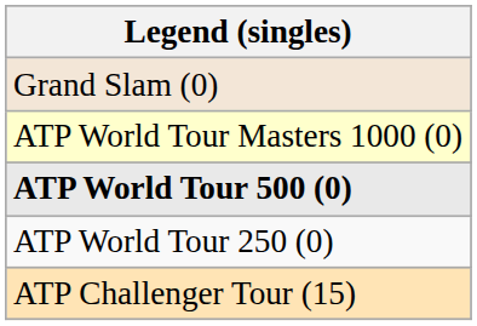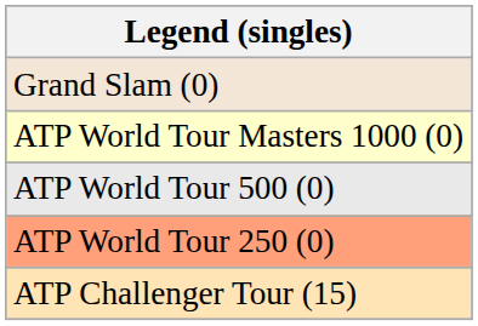 <table class="wikitable">
 <tr>
 <th>Legend (singles)</th>
 </tr>
 <tr bgcolor="#f3e6d7">
 <td>Grand Slam (0)</td>
 </tr>
 <tr bgcolor="ffffcc">
 <td>ATP World Tour Masters 1000 (0)</td>
 </tr>
 <tr bgcolor=#e9e9e9>
-<td><strong>ATP World Tour 500 (0)</strong></td>
+<td>ATP World Tour 500 (0)</td>
 </tr>
 <tr>
-<td>ATP World Tour 250 (0)</td>
+<td style="background: lightsalmon;">ATP World Tour 250 (0)</td>
 </tr>
 <tr bgcolor="moccasin">
 <td>ATP Challenger Tour (15)</td>
 </tr>
 </table>
